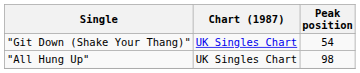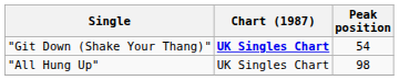 <table class="wikitable">
 <tr>
 <th>Single</th>
 <th>Chart (1987)</th>
 <th>Peak<br>position</th>
 </tr>
 <tr>
 <td rowspan=1 valign="top">"Git Down (Shake Your Thang)"</td>
-<td><a href='#'>UK Singles Chart</a></td>
+<td><strong><a href='#'>UK Singles Chart</a></strong></td>
 <td align="center">54</td>
 </tr>
 <tr>
 <td rowspan=1 valign="top">"All Hung Up"</td>
 <td>UK Singles Chart</td>
 <td align="center">98</td>
 </tr>
 <tr>
 </tr>
 </table>
